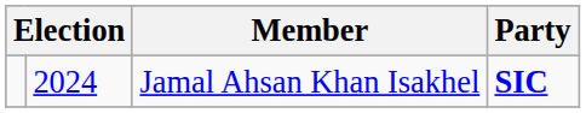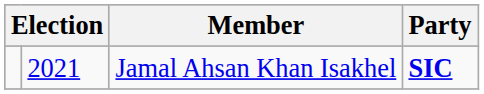 <table class="wikitable">
 <tr>
 <th colspan="2">Election</th>
 <th>Member</th>
 <th>Party</th>
 </tr>
 <tr>
 <td style="background-color: "></td>
-<td><a href='#'>2024</a></td>
+<td><a href='#'>2021</a></td>
 <td><a href='#'>Jamal Ahsan Khan Isakhel</a></td>
 <td><strong><a href='#'>SIC</a></strong></td>
 </tr>
 </table>
